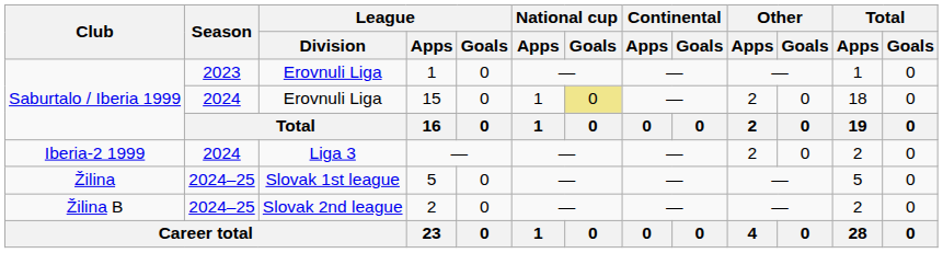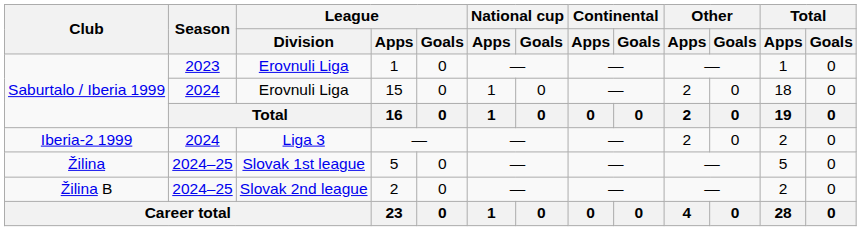 <table class="wikitable" style="text-align:center">
 <tr>
 <th rowspan="2">Club</th>
 <th rowspan="2">Season</th>
 <th colspan="3">League</th>
 <th colspan="2">National cup</th>
 <th colspan="2">Continental</th>
 <th colspan="2">Other</th>
 <th colspan="2">Total</th>
 </tr>
 <tr>
 <th>Division</th>
 <th>Apps</th>
 <th>Goals</th>
 <th>Apps</th>
 <th>Goals</th>
 <th>Apps</th>
 <th>Goals</th>
 <th>Apps</th>
 <th>Goals</th>
 <th>Apps</th>
 <th>Goals</th>
 </tr>
 <tr>
 <td rowspan="3"><a href='#'>Saburtalo / Iberia 1999</a></td>
 <td><a href='#'>2023</a></td>
 <td><a href='#'>Erovnuli Liga</a></td>
 <td>1</td>
 <td>0</td>
 <td colspan="2">—</td>
 <td colspan="2">—</td>
 <td colspan="2">—</td>
 <td>1</td>
 <td>0</td>
 </tr>
 <tr>
 <td><a href='#'>2024</a></td>
 <td>Erovnuli Liga</td>
 <td>15</td>
 <td>0</td>
 <td>1</td>
-<td style="background: khaki;">0</td>
+<td>0</td>
 <td colspan="2">—</td>
 <td>2</td>
 <td>0</td>
 <td>18</td>
 <td>0</td>
 </tr>
 <tr>
 <th colspan="2">Total</th>
 <th>16</th>
 <th>0</th>
 <th>1</th>
 <th>0</th>
 <th>0</th>
 <th>0</th>
 <th>2</th>
 <th>0</th>
 <th>19</th>
 <th>0</th>
 </tr>
 <tr>
 <td><a href='#'>Iberia-2 1999</a></td>
 <td><a href='#'>2024</a></td>
 <td><a href='#'>Liga 3</a></td>
 <td colspan="2">—</td>
 <td colspan="2">—</td>
 <td colspan="2">—</td>
 <td>2</td>
 <td>0</td>
 <td>2</td>
 <td>0</td>
 </tr>
 <tr>
 <td><a href='#'>Žilina</a></td>
 <td><a href='#'>2024–25</a></td>
 <td><a href='#'>Slovak 1st league</a></td>
 <td>5</td>
 <td>0</td>
 <td colspan="2">—</td>
 <td colspan="2">—</td>
 <td colspan="2">—</td>
 <td>5</td>
 <td>0</td>
 </tr>
 <tr>
 <td><a href='#'>Žilina</a> B</td>
 <td><a href='#'>2024–25</a></td>
 <td><a href='#'>Slovak 2nd league</a></td>
 <td>2</td>
 <td>0</td>
 <td colspan="2">—</td>
 <td colspan="2">—</td>
 <td colspan="2">—</td>
 <td>2</td>
 <td>0</td>
 </tr>
 <tr>
 <th colspan="3">Career total</th>
 <th>23</th>
 <th>0</th>
 <th>1</th>
 <th>0</th>
 <th>0</th>
 <th>0</th>
 <th>4</th>
 <th>0</th>
 <th>28</th>
 <th>0</th>
 </tr>
 </table>
